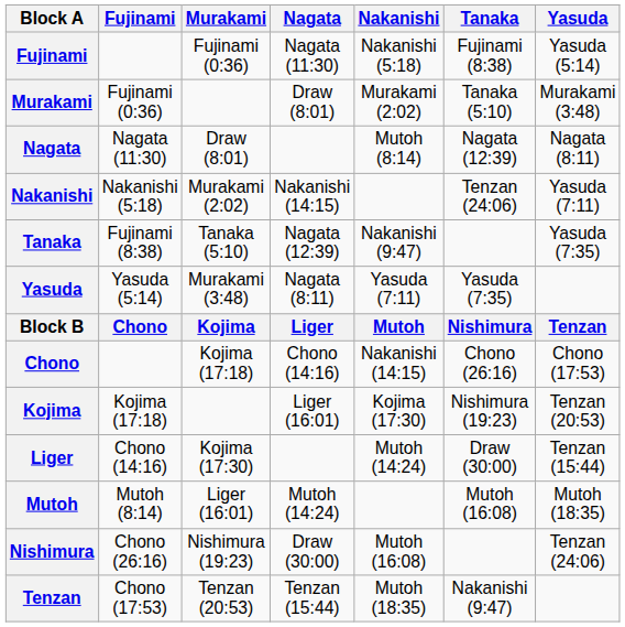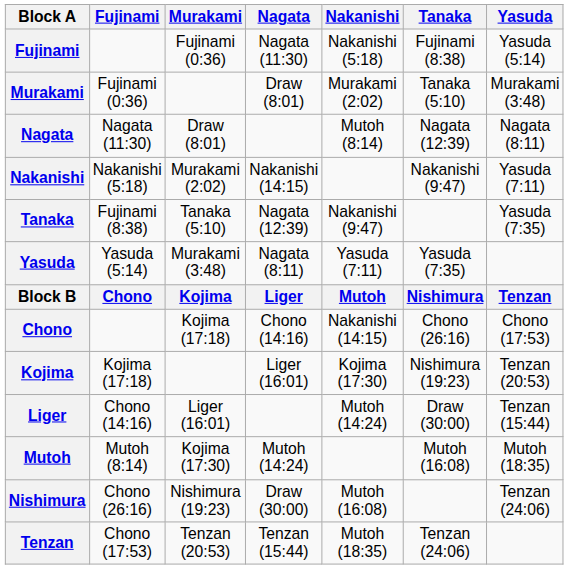 <table class="wikitable" style="margin: 1em auto 1em auto">
 <tr align="center">
 <th>Block A</th>
 <th><a href='#'>Fujinami</a></th>
 <th><a href='#'>Murakami</a></th>
 <th><a href='#'>Nagata</a></th>
 <th><a href='#'>Nakanishi</a></th>
 <th><a href='#'>Tanaka</a></th>
 <th><a href='#'>Yasuda</a></th>
 </tr>
 <tr align="center">
 <th><a href='#'>Fujinami</a></th>
 <td></td>
 <td>Fujinami<br>(0:36)</td>
 <td>Nagata<br>(11:30)</td>
 <td>Nakanishi<br>(5:18)</td>
 <td>Fujinami<br>(8:38)</td>
 <td>Yasuda<br>(5:14)</td>
 </tr>
 <tr align="center">
 <th><a href='#'>Murakami</a></th>
 <td>Fujinami<br>(0:36)</td>
 <td></td>
 <td>Draw<br>(8:01)</td>
 <td>Murakami<br>(2:02)</td>
 <td>Tanaka<br>(5:10)</td>
 <td>Murakami<br>(3:48)</td>
 </tr>
 <tr align="center">
 <th><a href='#'>Nagata</a></th>
 <td>Nagata<br>(11:30)</td>
 <td>Draw<br>(8:01)</td>
 <td></td>
 <td>Mutoh<br>(8:14)</td>
 <td>Nagata<br>(12:39)</td>
 <td>Nagata<br>(8:11)</td>
 </tr>
 <tr align="center">
 <th><a href='#'>Nakanishi</a></th>
 <td>Nakanishi<br>(5:18)</td>
 <td>Murakami<br>(2:02)</td>
 <td>Nakanishi<br>(14:15)</td>
 <td></td>
-<td>Tenzan<br>(24:06)</td>
+<td>Nakanishi<br>(9:47)</td>
 <td>Yasuda<br>(7:11)</td>
 </tr>
 <tr align="center">
 <th><a href='#'>Tanaka</a></th>
 <td>Fujinami<br>(8:38)</td>
 <td>Tanaka<br>(5:10)</td>
 <td>Nagata<br>(12:39)</td>
 <td>Nakanishi<br>(9:47)</td>
 <td></td>
 <td>Yasuda<br>(7:35)</td>
 </tr>
 <tr align="center">
 <th><a href='#'>Yasuda</a></th>
 <td>Yasuda<br>(5:14)</td>
 <td>Murakami<br>(3:48)</td>
 <td>Nagata<br>(8:11)</td>
 <td>Yasuda<br>(7:11)</td>
 <td>Yasuda<br>(7:35)</td>
 <td></td>
 </tr>
 <tr align="center">
 <th>Block B</th>
 <th><a href='#'>Chono</a></th>
 <th><a href='#'>Kojima</a></th>
 <th><a href='#'>Liger</a></th>
 <th><a href='#'>Mutoh</a></th>
 <th><a href='#'>Nishimura</a></th>
 <th><a href='#'>Tenzan</a></th>
 </tr>
 <tr align="center">
 <th><a href='#'>Chono</a></th>
 <td></td>
 <td>Kojima<br>(17:18)</td>
 <td>Chono<br>(14:16)</td>
 <td>Nakanishi<br>(14:15)</td>
 <td>Chono<br>(26:16)</td>
 <td>Chono<br>(17:53)</td>
 </tr>
 <tr align="center">
 <th><a href='#'>Kojima</a></th>
 <td>Kojima<br>(17:18)</td>
 <td></td>
 <td>Liger<br>(16:01)</td>
 <td>Kojima<br>(17:30)</td>
 <td>Nishimura<br>(19:23)</td>
 <td>Tenzan<br>(20:53)</td>
 </tr>
 <tr align="center">
 <th><a href='#'>Liger</a></th>
 <td>Chono<br>(14:16)</td>
-<td>Kojima<br>(17:30)</td>
+<td>Liger<br>(16:01)</td>
 <td></td>
 <td>Mutoh<br>(14:24)</td>
 <td>Draw<br>(30:00)</td>
 <td>Tenzan<br>(15:44)</td>
 </tr>
 <tr align="center">
 <th><a href='#'>Mutoh</a></th>
 <td>Mutoh<br>(8:14)</td>
-<td>Liger<br>(16:01)</td>
+<td>Kojima<br>(17:30)</td>
 <td>Mutoh<br>(14:24)</td>
 <td></td>
 <td>Mutoh<br>(16:08)</td>
 <td>Mutoh<br>(18:35)</td>
 </tr>
 <tr align="center">
 <th><a href='#'>Nishimura</a></th>
 <td>Chono<br>(26:16)</td>
 <td>Nishimura<br>(19:23)</td>
 <td>Draw<br>(30:00)</td>
 <td>Mutoh<br>(16:08)</td>
 <td></td>
 <td>Tenzan<br>(24:06)</td>
 </tr>
 <tr align="center">
 <th><a href='#'>Tenzan</a></th>
 <td>Chono<br>(17:53)</td>
 <td>Tenzan<br>(20:53)</td>
 <td>Tenzan<br>(15:44)</td>
 <td>Mutoh<br>(18:35)</td>
-<td>Nakanishi<br>(9:47)</td>
+<td>Tenzan<br>(24:06)</td>
 <td></td>
 </tr>
 </table>
